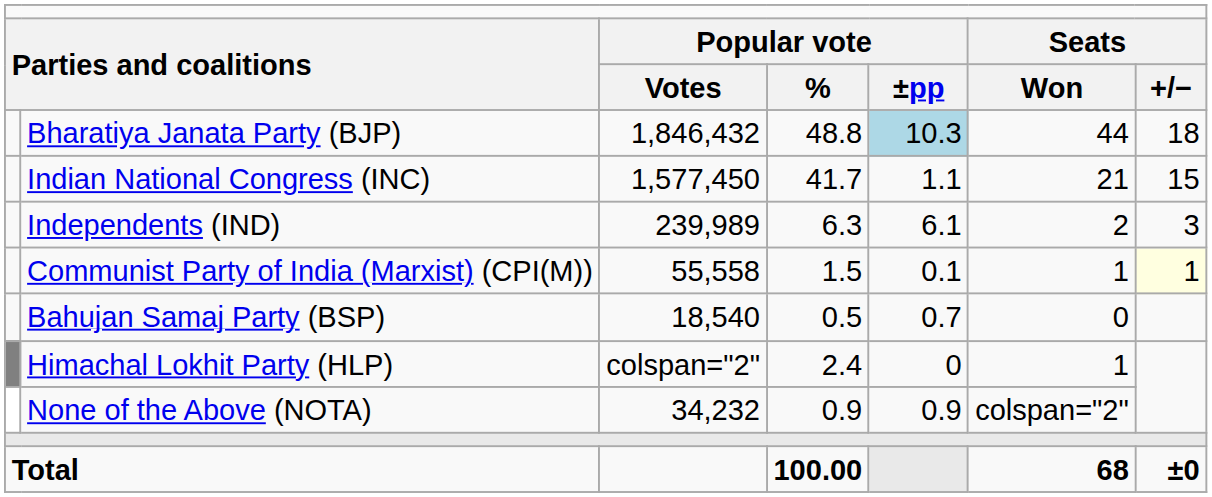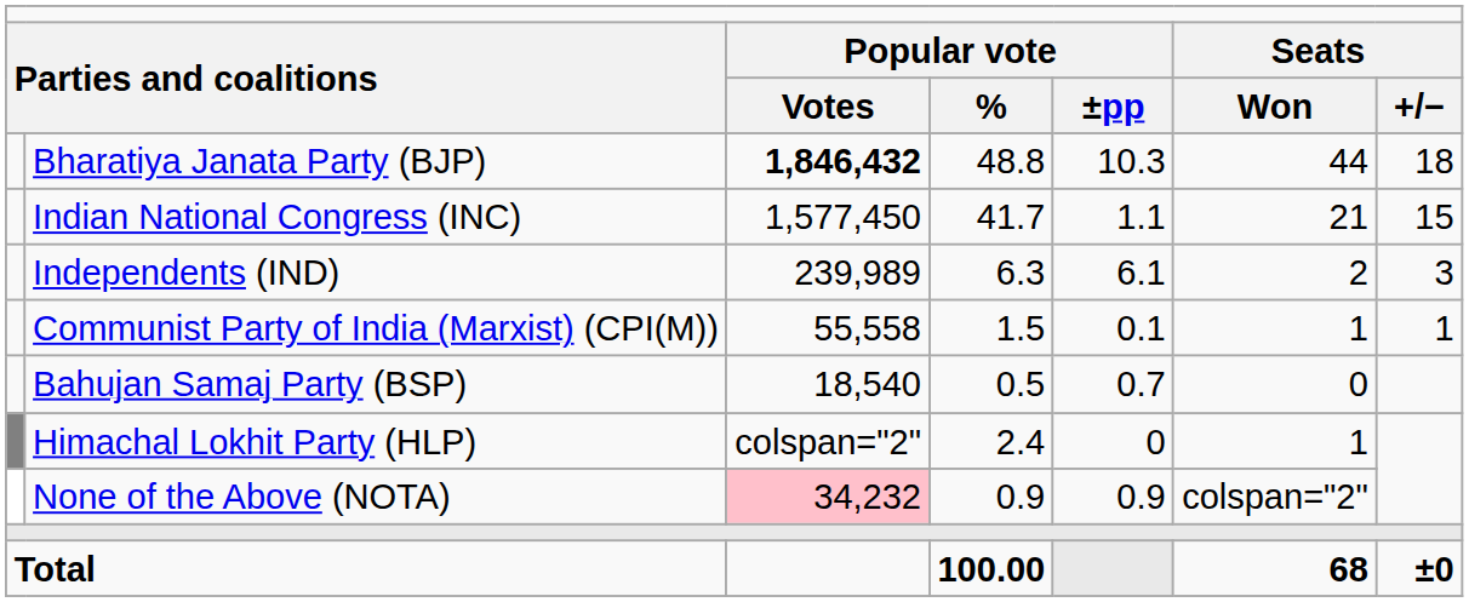 <table class="wikitable" style="text-align:right; font-size:95%;">
 <tr>
 <td colspan="7"></td>
 </tr>
 <tr style="background:#e9e9e9; text-align:center;">
 <th rowspan="2" colspan="2" style="text-align:left">Parties and coalitions</th>
 <th colspan="3">Popular vote</th>
 <th colspan="2">Seats</th>
 </tr>
 <tr style="background:#e9e9e9; text-align:center;">
 <th style="width:70px;">Votes</th>
 <th style="width:45px;">%</th>
 <th style="width:45px;">±<a href='#'>pp</a></th>
 <th style="width:30px;">Won</th>
 <th style="width:30px;">+/−</th>
 </tr>
 <tr>
 <td width="1" style="color:inherit;background:"></td>
 <td style="text-align:left;"><a href='#'>Bharatiya Janata Party</a> (BJP)</td>
-<td>1,846,432</td>
+<td><strong>1,846,432</strong></td>
 <td>48.8</td>
-<td style="background: lightblue;">10.3</td>
+<td>10.3</td>
 <td>44</td>
 <td>18</td>
 </tr>
 <tr>
 <td style="color:inherit;background:"></td>
 <td style="text-align:left;"><a href='#'>Indian National Congress</a> (INC)</td>
 <td>1,577,450</td>
 <td>41.7</td>
 <td>1.1</td>
 <td>21</td>
 <td>15</td>
 </tr>
 <tr>
 <td style="color:inherit;background:"></td>
 <td style="text-align:left;"><a href='#'>Independents</a> (IND)</td>
 <td>239,989</td>
 <td>6.3</td>
 <td>6.1</td>
 <td>2</td>
 <td>3</td>
 </tr>
 <tr>
 <td style="color:inherit;background:"></td>
 <td style="text-align:left;"><a href='#'>Communist Party of India (Marxist)</a> (CPI(M))</td>
 <td>55,558</td>
 <td>1.5</td>
 <td>0.1</td>
 <td>1</td>
-<td style="background: lightyellow;">1</td>
+<td>1</td>
 </tr>
 <tr>
 <td style="color:inherit;background:"></td>
 <td style="text-align:left;"><a href='#'>Bahujan Samaj Party</a> (BSP)</td>
 <td>18,540</td>
 <td>0.5</td>
 <td>0.7</td>
 <td>0</td>
 <td></td>
 </tr>
 <tr>
 <td style="background:gray;"></td>
 <td style="text-align:left;"><a href='#'>Himachal Lokhit Party</a> (HLP)</td>
 <td>colspan="2" </td>
 <td>2.4</td>
 <td>0</td>
 <td>1</td>
 </tr>
 <tr>
 <td style="background:white;"></td>
 <td style="text-align:left;"><a href='#'>None of the Above</a> (NOTA)</td>
-<td>34,232</td>
+<td style="background: pink;">34,232</td>
 <td>0.9</td>
 <td>0.9</td>
 <td>colspan="2" </td>
 </tr>
 <tr>
 <td colspan="7" style="background:#e9e9e9;"></td>
 </tr>
 <tr style="font-weight:bold;">
 <td style="text-align:left;" colspan="2">Total</td>
 <td></td>
 <td>100.00</td>
 <td style="background:#e9e9e9;"></td>
 <td>68</td>
 <td>±0</td>
 </tr>
 </table>
